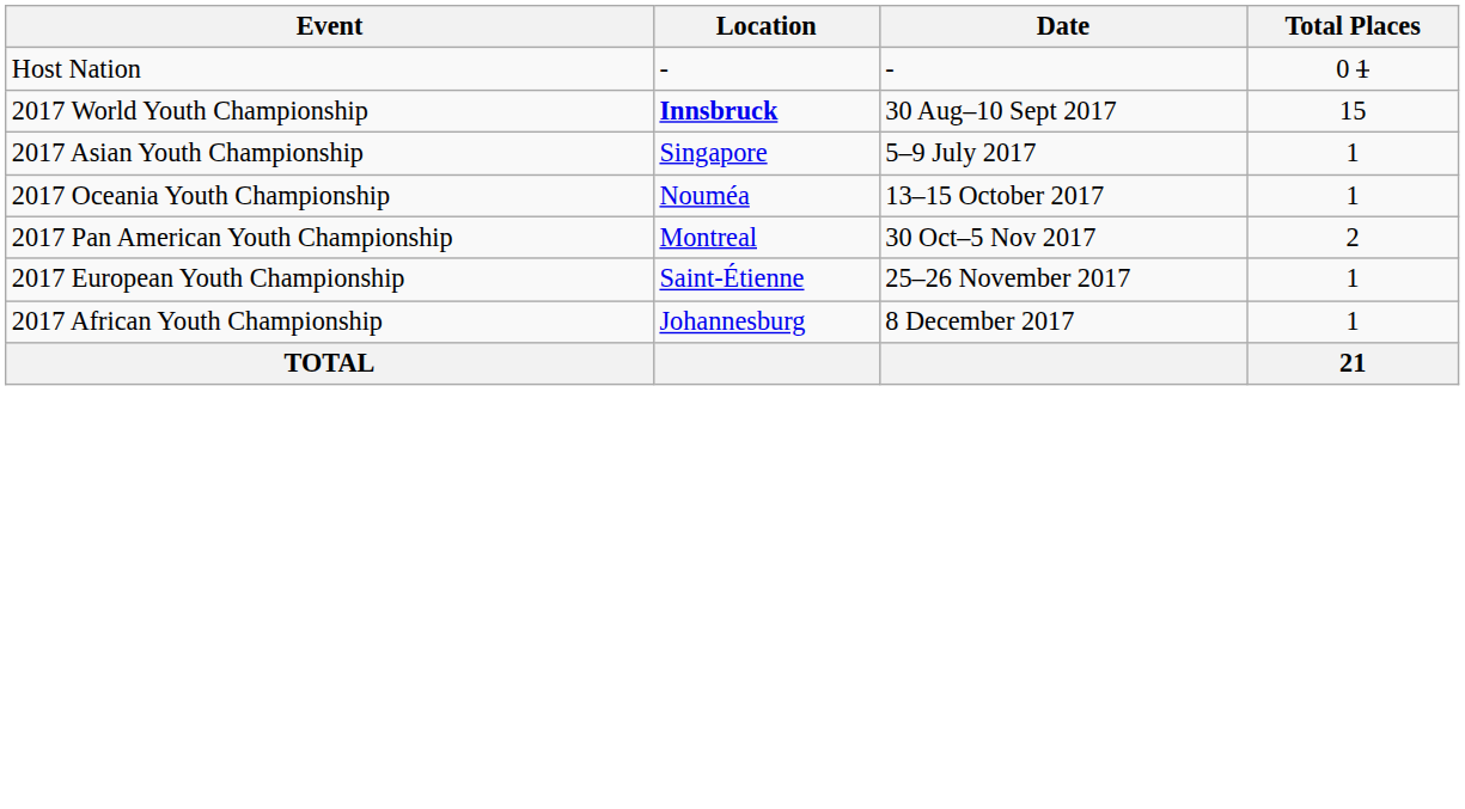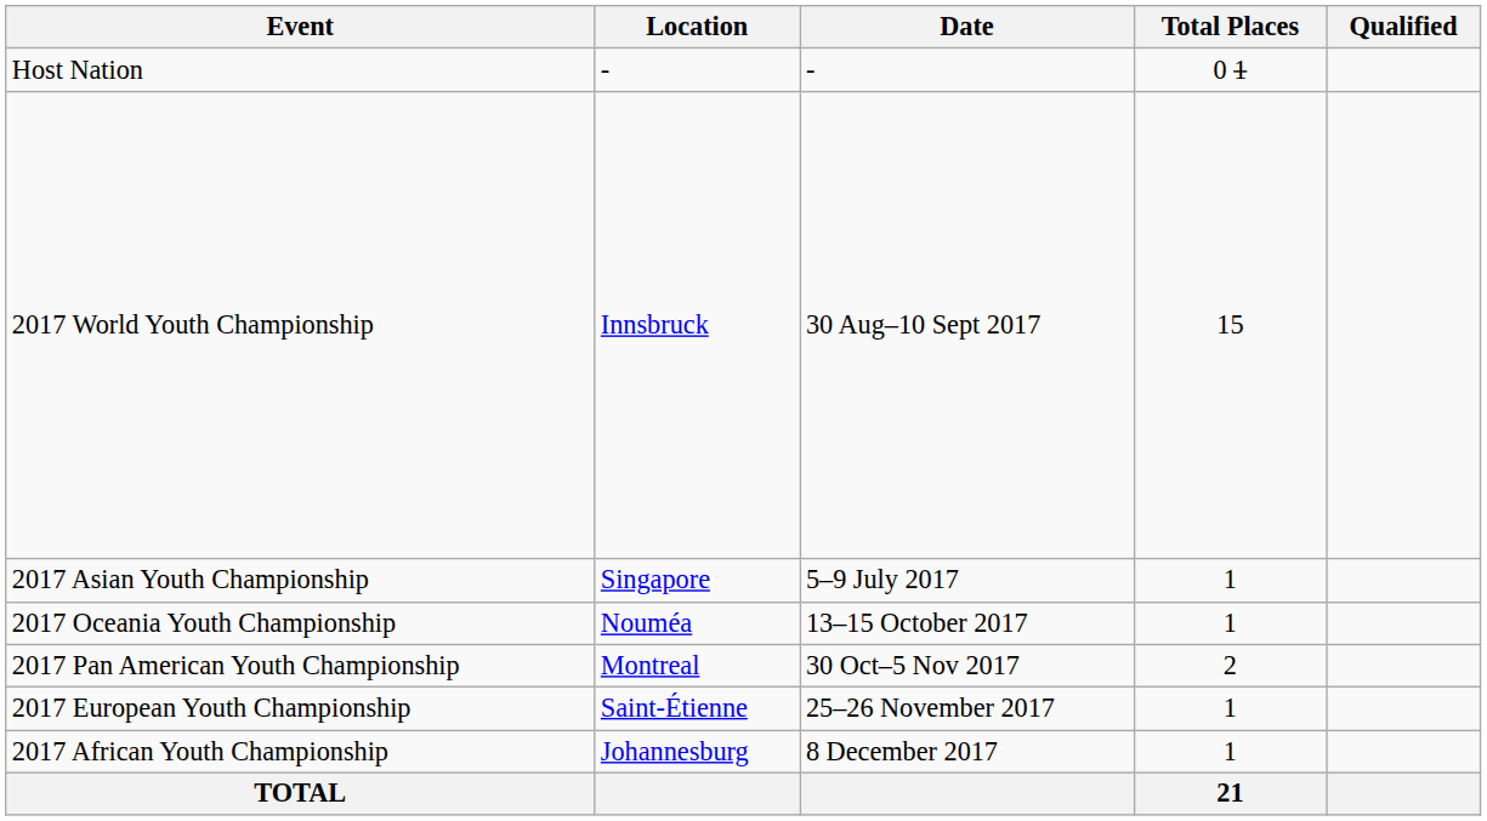 <table class="wikitable" width=875>
 <tr>
 <th>Event</th>
 <th>Location</th>
 <th>Date</th>
 <th>Total Places</th>
+<th>Qualified</th>
 </tr>
 <tr>
 <td>Host Nation</td>
 <td>-</td>
 <td>-</td>
 <td align="center">0 <s>1</s></td>
+<td><s></s></td>
 </tr>
 <tr>
 <td>2017 World Youth Championship</td>
-<td><strong> <a href='#'>Innsbruck</a></strong></td>
+<td> <a href='#'>Innsbruck</a></td>
 <td>30 Aug–10 Sept 2017</td>
 <td align="center">15</td>
+<td><br><br><br> <br> <br> <br> <br> <br> <br> <br> <br> <br> <br> <br> <br> </td>
 </tr>
 <tr>
 <td>2017 Asian Youth Championship</td>
 <td> <a href='#'>Singapore</a></td>
 <td>5–9 July 2017</td>
 <td align="center">1</td>
+<td></td>
 </tr>
 <tr>
 <td>2017 Oceania Youth Championship</td>
 <td> <a href='#'>Nouméa</a></td>
 <td>13–15 October 2017</td>
 <td align="center">1</td>
+<td></td>
 </tr>
 <tr>
 <td>2017 Pan American Youth Championship</td>
 <td> <a href='#'>Montreal</a></td>
 <td>30 Oct–5 Nov 2017</td>
 <td align="center">2</td>
+<td><br></td>
 </tr>
 <tr>
 <td>2017 European Youth Championship</td>
 <td> <a href='#'>Saint-Étienne</a></td>
 <td>25–26 November 2017</td>
 <td align="center">1</td>
+<td></td>
 </tr>
 <tr>
 <td>2017 African Youth Championship</td>
 <td> <a href='#'>Johannesburg</a></td>
 <td>8 December 2017</td>
 <td align="center">1</td>
+<td></td>
 </tr>
 <tr>
 <th>TOTAL</th>
 <th></th>
 <th></th>
 <th>21</th>
+<th></th>
 </tr>
 </table>
